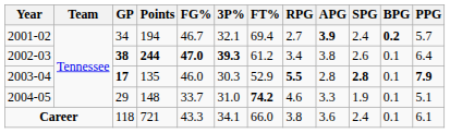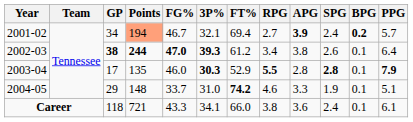 <table class="wikitable sortable">
 <tr>
 <th>Year</th>
 <th>Team</th>
 <th>GP</th>
 <th>Points</th>
 <th>FG%</th>
 <th>3P%</th>
 <th>FT%</th>
 <th>RPG</th>
 <th>APG</th>
 <th>SPG</th>
 <th>BPG</th>
 <th>PPG</th>
 </tr>
 <tr>
 <td>2001-02</td>
 <td rowspan=4><a href='#'>Tennessee</a></td>
 <td>34</td>
-<td>194</td>
+<td style="background: lightsalmon;">194</td>
 <td>46.7</td>
 <td>32.1</td>
 <td>69.4</td>
 <td>2.7</td>
 <td><strong>3.9</strong></td>
 <td>2.4</td>
 <td><strong>0.2</strong></td>
 <td>5.7</td>
 </tr>
 <tr>
 <td>2002-03</td>
 <td><strong>38</strong></td>
 <td><strong>244</strong></td>
 <td><strong>47.0</strong></td>
 <td><strong>39.3</strong></td>
 <td>61.2</td>
 <td>3.4</td>
 <td>3.8</td>
 <td>2.6</td>
 <td>0.1</td>
 <td>6.4</td>
 </tr>
 <tr>
 <td>2003-04</td>
-<td><strong>17</strong></td>
+<td>17</td>
 <td>135</td>
 <td>46.0</td>
-<td>30.3</td>
+<td><strong>30.3</strong></td>
 <td>52.9</td>
 <td><strong>5.5</strong></td>
 <td>2.8</td>
 <td><strong>2.8</strong></td>
 <td>0.1</td>
 <td><strong>7.9</strong></td>
 </tr>
 <tr>
 <td>2004-05</td>
 <td>29</td>
 <td>148</td>
 <td>33.7</td>
 <td>31.0</td>
 <td><strong>74.2</strong></td>
 <td>4.6</td>
 <td>3.3</td>
 <td>1.9</td>
 <td>0.1</td>
 <td>5.1</td>
 </tr>
 <tr class="sortbottom">
 <td colspan=2 align=center><strong>Career</strong></td>
 <td>118</td>
 <td>721</td>
 <td>43.3</td>
 <td>34.1</td>
 <td>66.0</td>
 <td>3.8</td>
 <td>3.6</td>
 <td>2.4</td>
 <td>0.1</td>
 <td>6.1</td>
 </tr>
 </table>
